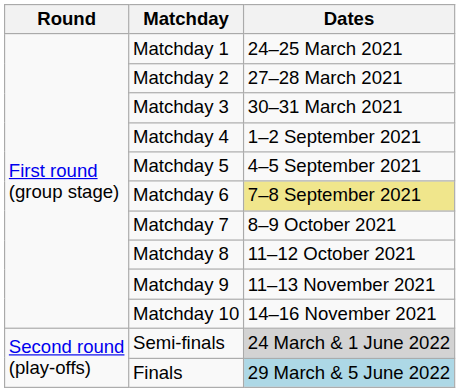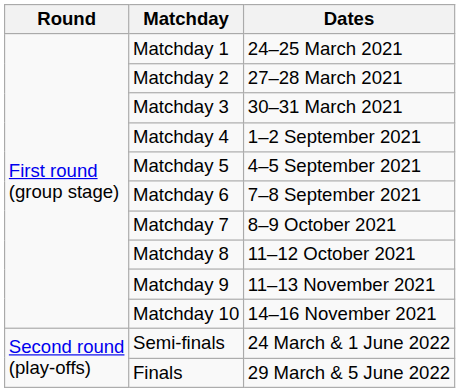 <table class="wikitable">
 <tr>
 <th>Round</th>
 <th>Matchday</th>
 <th>Dates</th>
 </tr>
 <tr>
 <td rowspan="10"><a href='#'>First round</a><br>(group stage)</td>
 <td>Matchday 1</td>
 <td>24–25 March 2021</td>
 </tr>
 <tr>
 <td>Matchday 2</td>
 <td>27–28 March 2021</td>
 </tr>
 <tr>
 <td>Matchday 3</td>
 <td>30–31 March 2021</td>
 </tr>
 <tr>
 <td>Matchday 4</td>
 <td>1–2 September 2021</td>
 </tr>
 <tr>
 <td>Matchday 5</td>
 <td>4–5 September 2021</td>
 </tr>
 <tr>
 <td>Matchday 6</td>
-<td style="background: khaki;">7–8 September 2021</td>
+<td>7–8 September 2021</td>
 </tr>
 <tr>
 <td>Matchday 7</td>
 <td>8–9 October 2021</td>
 </tr>
 <tr>
 <td>Matchday 8</td>
 <td>11–12 October 2021</td>
 </tr>
 <tr>
 <td>Matchday 9</td>
 <td>11–13 November 2021</td>
 </tr>
 <tr>
 <td>Matchday 10</td>
 <td>14–16 November 2021</td>
 </tr>
 <tr>
 <td rowspan="2"><a href='#'>Second round</a><br>(play-offs)</td>
 <td>Semi-finals</td>
-<td style="background: lightgrey;">24 March & 1 June 2022</td>
+<td>24 March & 1 June 2022</td>
 </tr>
 <tr>
 <td>Finals</td>
-<td style="background: lightblue;">29 March & 5 June 2022</td>
+<td>29 March & 5 June 2022</td>
 </tr>
 </table>
